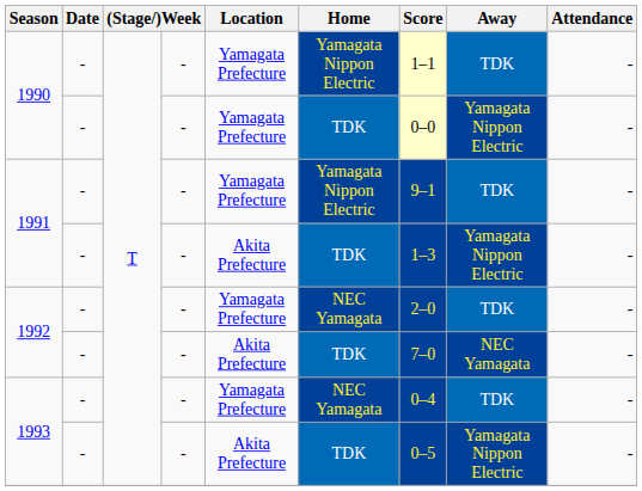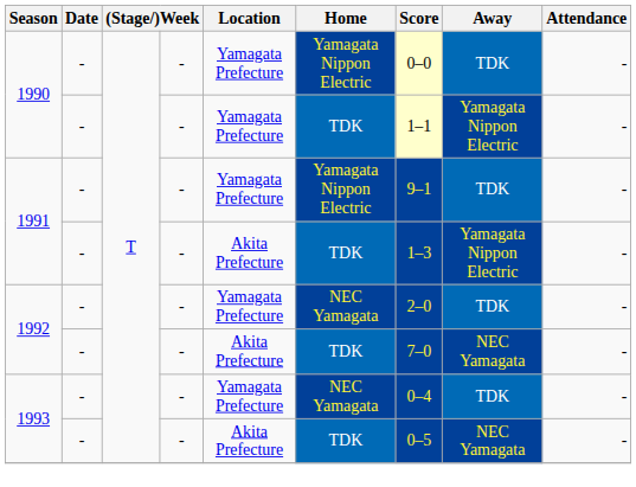 <table class="wikitable" style="border-collapse:collapse; text-align:center; font-size:100%;">
 <tr>
 <th>Season</th>
 <th>Date</th>
 <th colspan="2">(Stage/)Week</th>
 <th>Location</th>
 <th>Home</th>
 <th>Score</th>
 <th>Away</th>
 <th>Attendance</th>
 </tr>
 <tr>
 <td rowspan="2"><a href='#'>1990</a></td>
 <td>-</td>
 <td rowspan="8"><a href='#'>T</a></td>
 <td>-</td>
 <td><a href='#'>Yamagata Prefecture</a></td>
 <td style="color:#FFF338; background:#014099;">Yamagata Nippon Electric</td>
-<td style="color:black; background:#FFFFCC;">1–1</td>
+<td style="color:black; background:#FFFFCC;">0–0</td>
 <td style="color:white; background:#006AB6;">TDK</td>
 <td align=right>-</td>
 </tr>
 <tr>
 <td>-</td>
 <td>-</td>
 <td><a href='#'>Yamagata Prefecture</a></td>
 <td style="color:white; background:#006AB6;">TDK</td>
-<td style="color:black; background:#FFFFCC;">0–0</td>
+<td style="color:black; background:#FFFFCC;">1–1</td>
 <td style="color:#FFF338; background:#014099;">Yamagata Nippon Electric</td>
 <td align=right>-</td>
 </tr>
 <tr>
 <td rowspan="2"><a href='#'>1991</a></td>
 <td>-</td>
 <td>-</td>
 <td><a href='#'>Yamagata Prefecture</a></td>
 <td style="color:#FFF338; background:#014099;">Yamagata Nippon Electric</td>
 <td style="color:#FFF338; background:#014099;">9–1</td>
 <td style="color:white; background:#006AB6;">TDK</td>
 <td align=right>-</td>
 </tr>
 <tr>
 <td>-</td>
 <td>-</td>
 <td><a href='#'>Akita Prefecture</a></td>
 <td style="color:white; background:#006AB6;">TDK</td>
 <td style="color:#FFF338; background:#014099;">1–3</td>
 <td style="color:#FFF338; background:#014099;">Yamagata Nippon Electric</td>
 <td align=right>-</td>
 </tr>
 <tr>
 <td rowspan="2"><a href='#'>1992</a></td>
 <td>-</td>
 <td>-</td>
 <td><a href='#'>Yamagata Prefecture</a></td>
 <td style="color:#FFF338; background:#014099;">NEC Yamagata</td>
 <td style="color:#FFF338; background:#014099;">2–0</td>
 <td style="color:white; background:#006AB6;">TDK</td>
 <td align=right>-</td>
 </tr>
 <tr>
 <td>-</td>
 <td>-</td>
 <td><a href='#'>Akita Prefecture</a></td>
 <td style="color:white; background:#006AB6;">TDK</td>
 <td style="color:#FFF338; background:#014099;">7–0</td>
 <td style="color:#FFF338; background:#014099;">NEC Yamagata</td>
 <td align=right>-</td>
 </tr>
 <tr>
 <td rowspan="2"><a href='#'>1993</a></td>
 <td>-</td>
 <td>-</td>
 <td><a href='#'>Yamagata Prefecture</a></td>
 <td style="color:#FFF338; background:#014099;">NEC Yamagata</td>
 <td style="color:#FFF338; background:#014099;">0–4</td>
 <td style="color:white; background:#006AB6;">TDK</td>
 <td align=right>-</td>
 </tr>
 <tr>
 <td>-</td>
 <td>-</td>
 <td><a href='#'>Akita Prefecture</a></td>
 <td style="color:white; background:#006AB6;">TDK</td>
 <td style="color:#FFF338; background:#014099;">0–5</td>
-<td style="color:#FFF338; background:#014099;">Yamagata Nippon Electric</td>
+<td style="color:#FFF338; background:#014099;">NEC Yamagata</td>
 <td align=right>-</td>
 </tr>
 <tr>
 </tr>
 </table>
